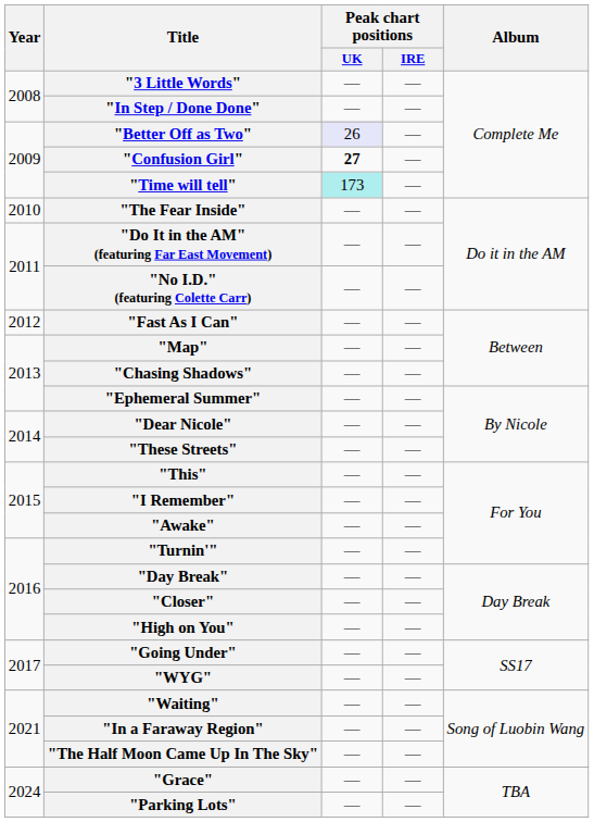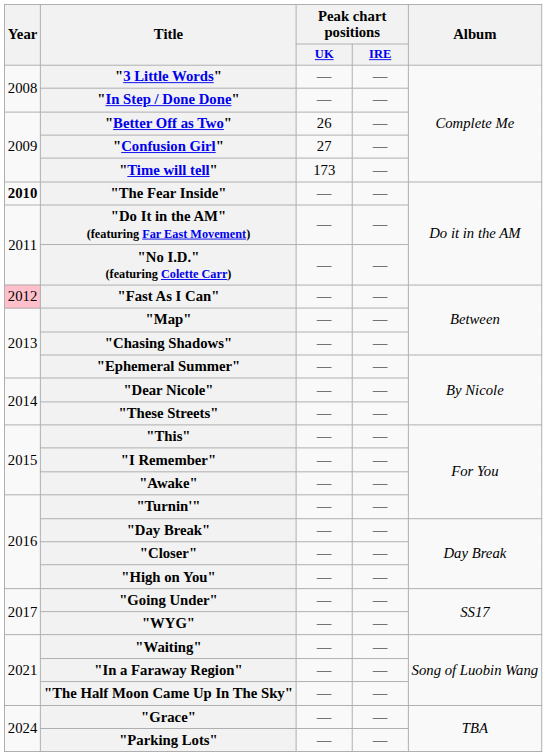 <table class="wikitable plainrowheaders" style="text-align:center;">
 <tr>
 <th scope="col" rowspan="2">Year</th>
 <th scope="col" rowspan="2">Title</th>
 <th scope="col" colspan="2">Peak chart positions</th>
 <th scope="col" rowspan="2">Album</th>
 </tr>
 <tr>
 <th scope="col" style="width:4em;font-size:85%;"><a href='#'>UK</a><br></th>
 <th scope="col" style="width:4em;font-size:85%;"><a href='#'>IRE</a></th>
 </tr>
 <tr>
 <td rowspan="2">2008</td>
 <th scope="row">"<a href='#'>3 Little Words</a>"</th>
 <td>—</td>
 <td>—</td>
 <td rowspan="5" style="text-align:center;"><em>Complete Me</em></td>
 </tr>
 <tr>
 <th scope="row">"<a href='#'>In Step / Done Done</a>"</th>
 <td>—</td>
 <td>—</td>
 </tr>
 <tr>
 <td rowspan="3">2009</td>
 <th scope="row">"<a href='#'>Better Off as Two</a>"</th>
-<td style="background: lavender;">26</td>
+<td>26</td>
 <td>—</td>
 </tr>
 <tr>
 <th scope="row">"<a href='#'>Confusion Girl</a>"</th>
-<td><strong>27</strong></td>
+<td>27</td>
 <td>—</td>
 </tr>
 <tr>
 <th scope="row">"<a href='#'>Time will tell</a>"</th>
-<td style="background: paleturquoise;">173</td>
+<td>173</td>
 <td>—</td>
 </tr>
 <tr>
-<td>2010</td>
+<td><strong>2010</strong></td>
 <th scope="row">"The Fear Inside"</th>
 <td>—</td>
 <td>—</td>
 <td rowspan="3" style="text-align:center;"><em>Do it in the AM</em></td>
 </tr>
 <tr>
 <td rowspan="2">2011</td>
 <th scope="row">"Do It in the AM"<br><small>(featuring <a href='#'>Far East Movement</a>)</small></th>
 <td>—</td>
 <td>—</td>
 </tr>
 <tr>
 <th scope="row">"No I.D."<br><small>(featuring <a href='#'>Colette Carr</a>)</small></th>
 <td>—</td>
 <td>—</td>
 </tr>
 <tr>
-<td>2012</td>
+<td style="background: pink;">2012</td>
 <th scope="row">"Fast As I Can"</th>
 <td>—</td>
 <td>—</td>
 <td rowspan="3"><em>Between</em></td>
 </tr>
 <tr>
 <td rowspan="3">2013</td>
 <th scope="row">"Map"</th>
 <td>—</td>
 <td>—</td>
 </tr>
 <tr>
 <th scope="row">"Chasing Shadows"</th>
 <td>—</td>
 <td>—</td>
 </tr>
 <tr>
 <th scope="row">"Ephemeral Summer"</th>
 <td>—</td>
 <td>—</td>
 <td rowspan = "3"><em>By Nicole</em></td>
 </tr>
 <tr>
 <td rowspan="2">2014</td>
 <th scope="row">"Dear Nicole"</th>
 <td>—</td>
 <td>—</td>
 </tr>
 <tr>
 <th scope="row">"These Streets"</th>
 <td>—</td>
 <td>—</td>
 </tr>
 <tr>
 <td rowspan="3">2015</td>
 <th scope="row">"This"</th>
 <td>—</td>
 <td>—</td>
 <td rowspan="4"><em>For You</em></td>
 </tr>
 <tr>
 <th scope="row">"I Remember"</th>
 <td>—</td>
 <td>—</td>
 </tr>
 <tr>
 <th scope="row">"Awake"</th>
 <td>—</td>
 <td>—</td>
 </tr>
 <tr>
 <td rowspan="4">2016</td>
 <th scope="row">"Turnin'"</th>
 <td>—</td>
 <td>—</td>
 </tr>
 <tr>
 <th scope="row">"Day Break"</th>
 <td>—</td>
 <td>—</td>
 <td rowspan="3"><em>Day Break</em></td>
 </tr>
 <tr>
 <th scope="row">"Closer"</th>
 <td>—</td>
 <td>—</td>
 </tr>
 <tr>
 <th scope="row">"High on You"<br></th>
 <td>—</td>
 <td>—</td>
 </tr>
 <tr>
 <td rowspan=2>2017</td>
 <th scope="row">"Going Under"</th>
 <td>—</td>
 <td>—</td>
 <td rowspan = "2"><em>SS17</em></td>
 </tr>
 <tr>
 <th scope="row">"WYG"</th>
 <td>—</td>
 <td>—</td>
 </tr>
 <tr>
 <td rowspan=3>2021</td>
 <th scope="row">"Waiting"</th>
 <td>—</td>
 <td>—</td>
 <td rowspan = "3"><em>Song of Luobin Wang</em></td>
 </tr>
 <tr>
 <th scope="row">"In a Faraway Region"</th>
 <td>—</td>
 <td>—</td>
 </tr>
 <tr>
 <th scope="row">"The Half Moon Came Up In The Sky"</th>
 <td>—</td>
 <td>—</td>
 </tr>
 <tr>
 <td rowspan="2">2024</td>
 <th scope="row">"Grace"</th>
 <td>—</td>
 <td>—</td>
 <td rowspan="2"><em>TBA</em></td>
 </tr>
 <tr>
 <th scope="row">"Parking Lots"</th>
 <td>—</td>
 <td>—</td>
 </tr>
 </table>
